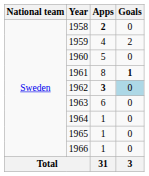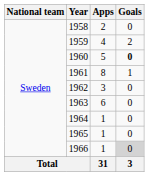 <table class="wikitable" style="text-align:center">
 <tr>
 <th>National team</th>
 <th>Year</th>
 <th>Apps</th>
 <th>Goals</th>
 </tr>
 <tr>
 <td rowspan="9"><a href='#'>Sweden</a></td>
 <td>1958</td>
-<td><strong>2</strong></td>
+<td>2</td>
 <td>0</td>
 </tr>
 <tr>
 <td>1959</td>
 <td>4</td>
 <td>2</td>
 </tr>
 <tr>
 <td>1960</td>
 <td>5</td>
-<td>0</td>
+<td><strong>0</strong></td>
 </tr>
 <tr>
 <td>1961</td>
 <td>8</td>
-<td><strong>1</strong></td>
+<td>1</td>
 </tr>
 <tr>
 <td>1962</td>
-<td><strong>3</strong></td>
-<td style="background: lightblue;">0</td>
+<td>3</td>
+<td>0</td>
 </tr>
 <tr>
 <td>1963</td>
 <td>6</td>
 <td>0</td>
 </tr>
 <tr>
 <td>1964</td>
 <td>1</td>
 <td>0</td>
 </tr>
 <tr>
 <td>1965</td>
 <td>1</td>
 <td>0</td>
 </tr>
 <tr>
 <td>1966</td>
 <td>1</td>
-<td>0</td>
+<td style="background: lightgrey;">0</td>
 </tr>
 <tr>
 <th colspan="2">Total</th>
 <th>31</th>
 <th>3</th>
 </tr>
 </table>
